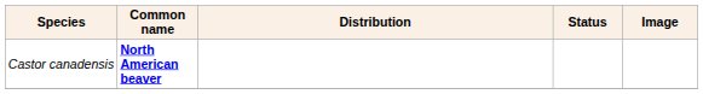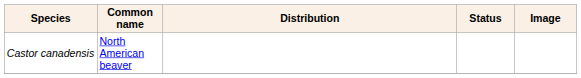 <table class="sortable wikitable plainrowheaders" border="0" style="background:#ffffff" align="top" class="sortable wikitable">
 <tr ->
 <th scope="col" style="background-color:Linen; color:Black" width=150 px>Species</th>
 <th scope="col" style="background-color:Linen; color:Black" width=100 px>Common name</th>
 <th scope="col" style="background:Linen; color:Black" width=550 px>Distribution</th>
 <th scope="col" style="background-color:Linen; color:Black" width=90 px>Status</th>
 <th scope="col" style="background:Linen; color:Black" width=100 px>Image</th>
 </tr>
 <tr>
 <td !scope="row" style="background:#ffffff"><em>Castor canadensis</em></td>
-<td><strong><a href='#'>North American beaver</a></strong></td>
+<td><a href='#'>North American beaver</a></td>
 <td></td>
 <td></td>
 <td></td>
 </tr>
 <tr>
 </tr>
 </table>
